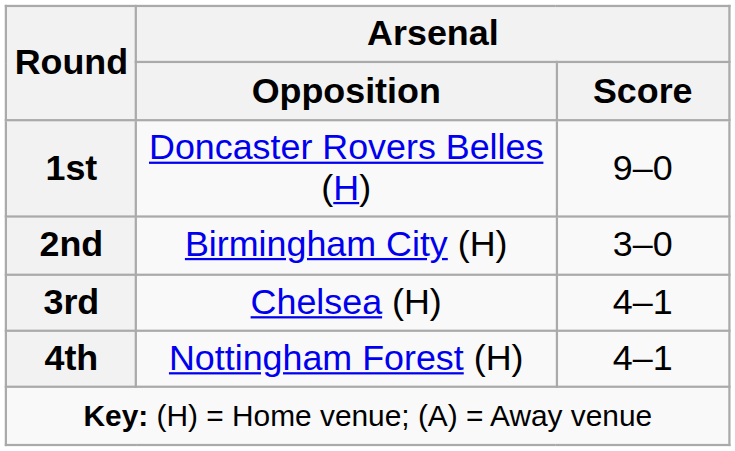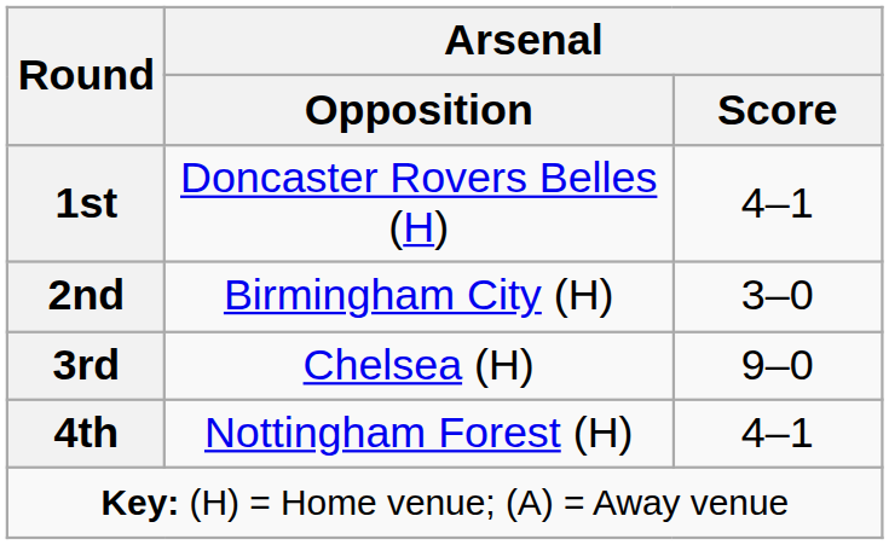 <table class="wikitable plainrowheaders" style="text-align:center;margin-left:1em;float:right">
 <tr>
 <th rowspan="2" style="width:25px">Round</th>
 <th colspan="2">Arsenal</th>
 </tr>
 <tr>
 <th scope="col" style="width:180px">Opposition</th>
 <th scope="col" style="width:70px">Score</th>
 </tr>
 <tr>
 <th scope="row" style="text-align:center">1st</th>
 <td><a href='#'>Doncaster Rovers Belles</a> (<a href='#'>H</a>)</td>
-<td>9–0</td>
+<td>4–1</td>
 </tr>
 <tr>
 <th scope="row" style="text-align:center">2nd</th>
 <td><a href='#'>Birmingham City</a> (H)</td>
 <td>3–0</td>
 </tr>
 <tr>
 <th scope="row" style="text-align:center">3rd</th>
 <td><a href='#'>Chelsea</a> (H)</td>
-<td>4–1</td>
+<td>9–0</td>
 </tr>
 <tr>
 <th scope="row" style="text-align:center">4th</th>
 <td><a href='#'>Nottingham Forest</a> (H)</td>
 <td>4–1</td>
 </tr>
 <tr>
 <td colspan="3"><small><strong>Key:</strong> (H) = Home venue; (A) = Away venue</small></td>
 </tr>
 </table>
